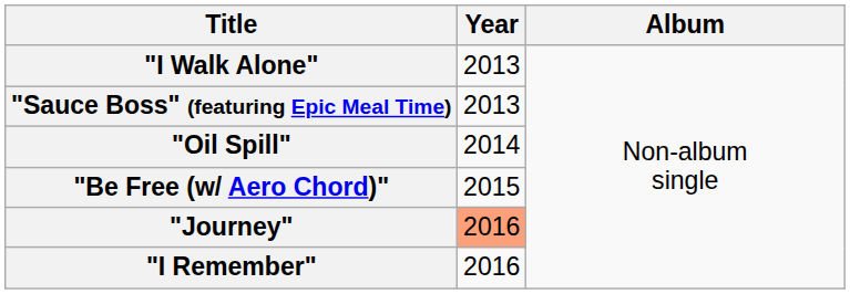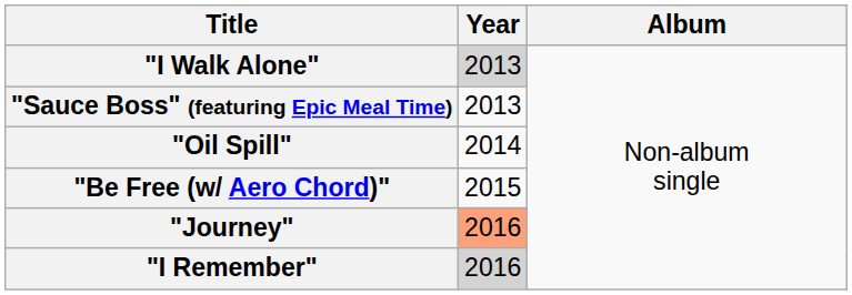 <table class="wikitable plainrowheaders" style="text-align:center;">
 <tr>
 <th scope="col" rowspan="1">Title</th>
 <th scope="col" rowspan="1">Year</th>
 <th scope="col" rowspan="1" style="width:12em;">Album</th>
 </tr>
 <tr>
 <th scope="row">"I Walk Alone"</th>
-<td rowspan="1">2013</td>
+<td rowspan="1" style="background: lightgrey;">2013</td>
 <td rowspan="6">Non-album<br>single</td>
 </tr>
 <tr>
 <th scope="row">"Sauce Boss" <small>(featuring <a href='#'>Epic Meal Time</a>)</small></th>
 <td rowspan="1">2013</td>
 </tr>
 <tr>
 <th scope="row">"Oil Spill"</th>
 <td rowspan="1">2014</td>
 </tr>
 <tr>
 <th scope="row">"Be Free (w/ <a href='#'>Aero Chord</a>)"</th>
 <td rowspan="1">2015</td>
 </tr>
 <tr>
 <th scope="row">"Journey"</th>
 <td rowspan="1" style="background: lightsalmon;">2016</td>
 </tr>
 <tr>
 <th scope="row">"I Remember"</th>
-<td rowspan="1">2016</td>
+<td rowspan="1" style="background: lightgrey;">2016</td>
 </tr>
 </table>
